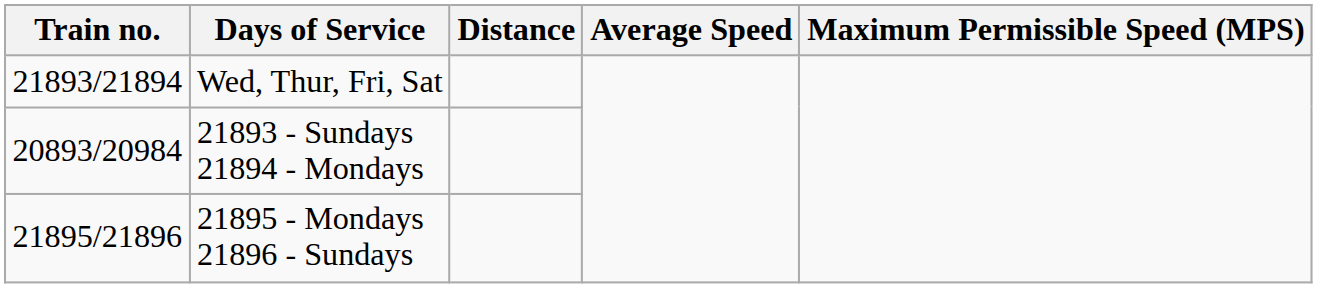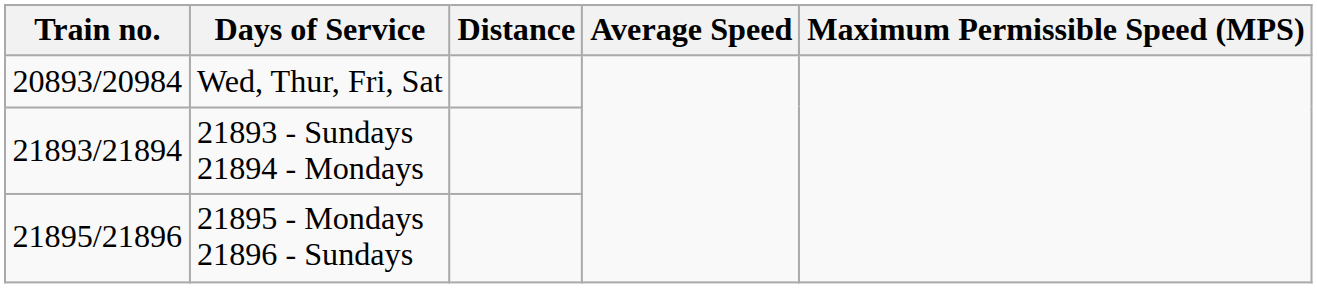 <table class="wikitable">
 <tr>
 <th>Train no.</th>
 <th>Days of Service</th>
 <th>Distance</th>
 <th>Average Speed</th>
 <th>Maximum Permissible Speed (MPS)</th>
 </tr>
 <tr>
-<td>21893/21894</td>
+<td>20893/20984</td>
 <td>Wed, Thur, Fri, Sat</td>
 <td></td>
 <td rowspan="3"></td>
 <td rowspan="3"></td>
 </tr>
 <tr>
-<td>20893/20984</td>
+<td>21893/21894</td>
 <td>21893 - Sundays<br>21894 - Mondays</td>
 <td></td>
 </tr>
 <tr>
 <td>21895/21896</td>
 <td>21895 - Mondays<br>21896 - Sundays</td>
 <td></td>
 </tr>
 </table>
